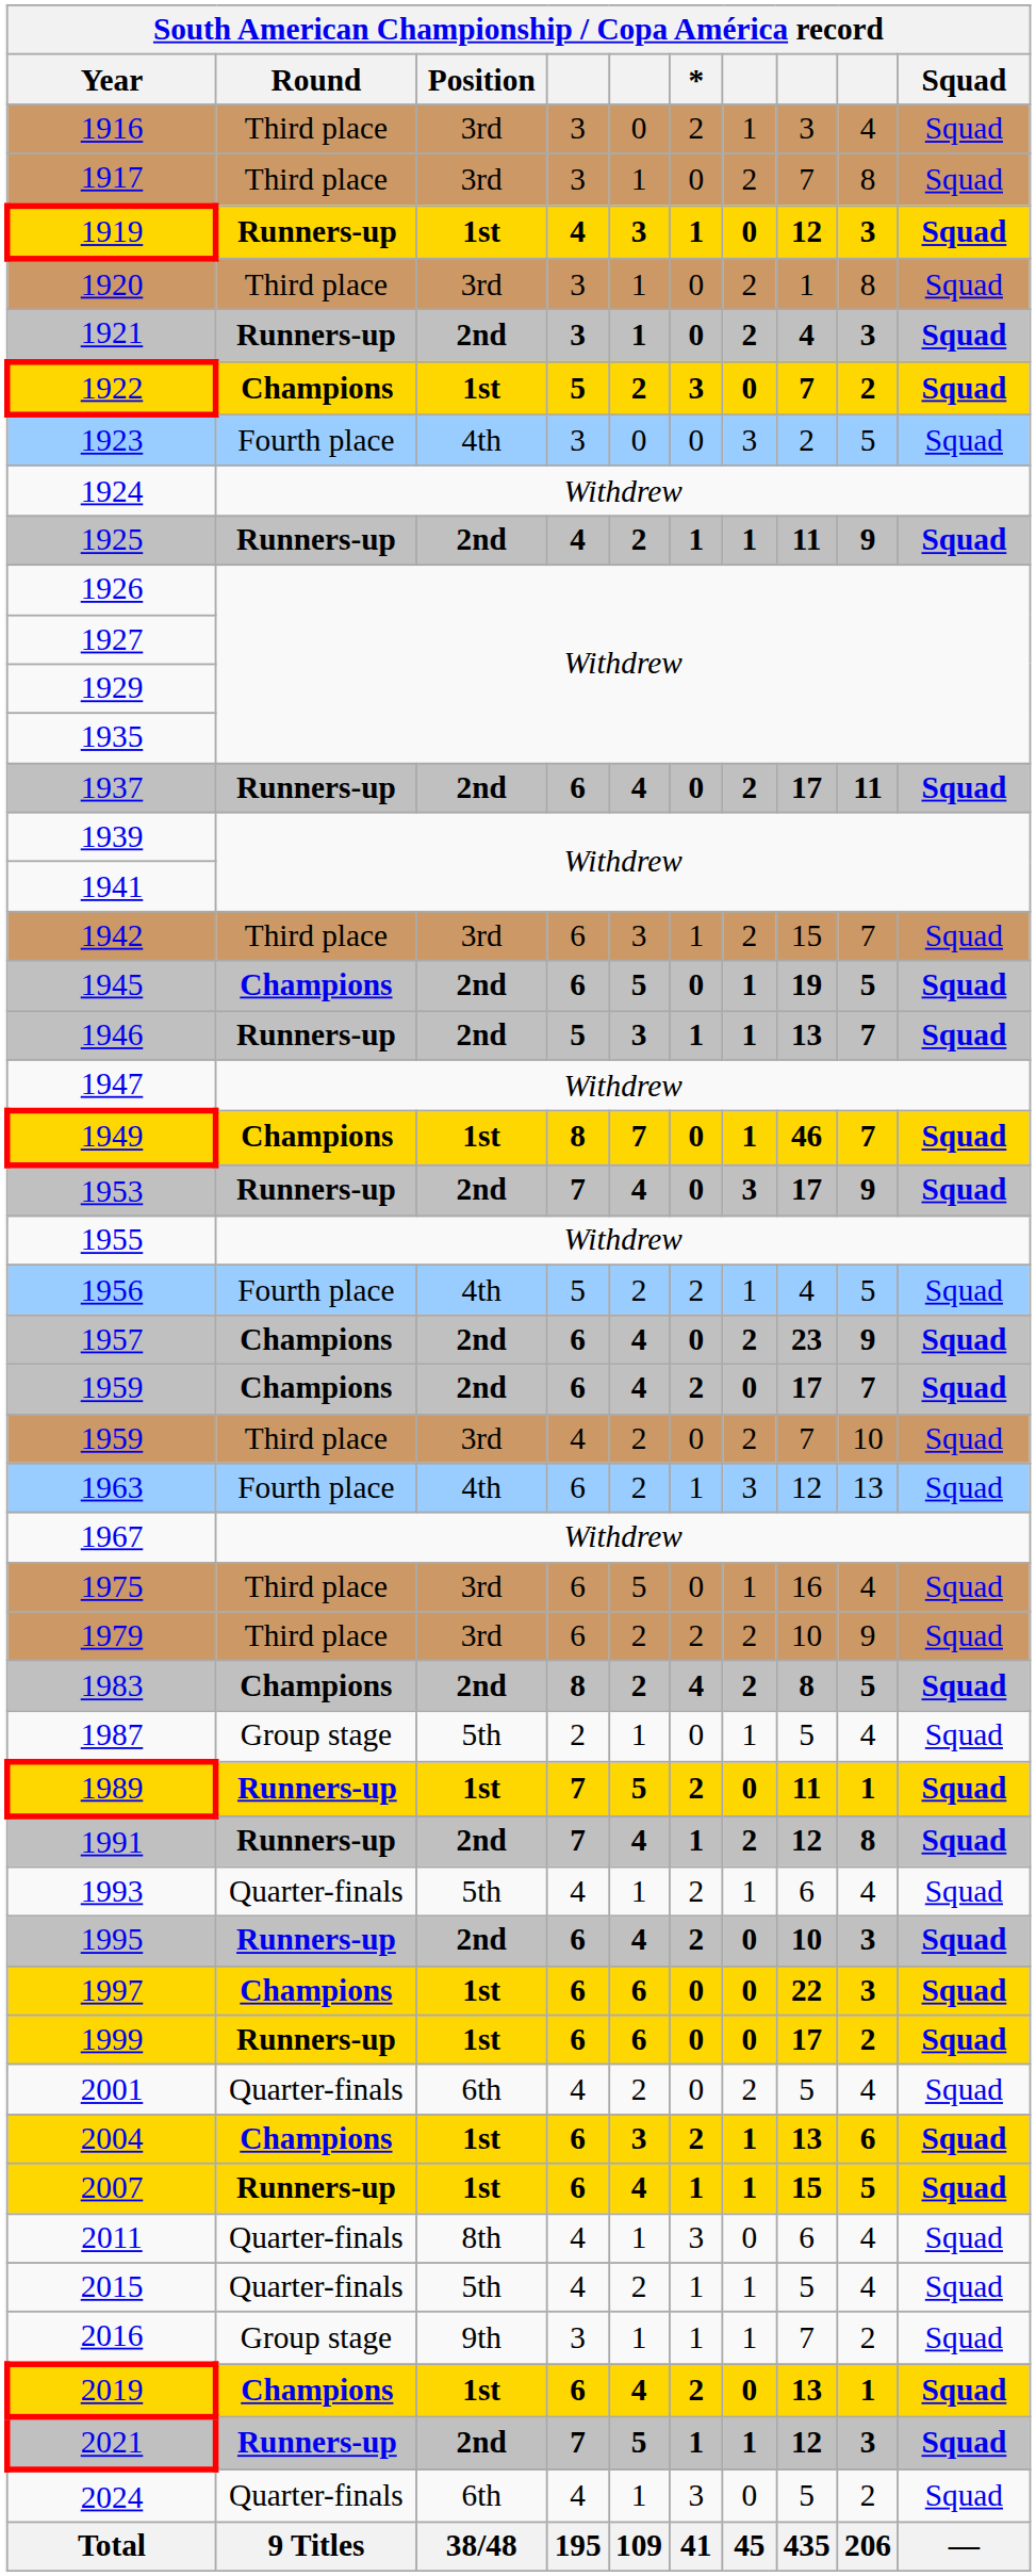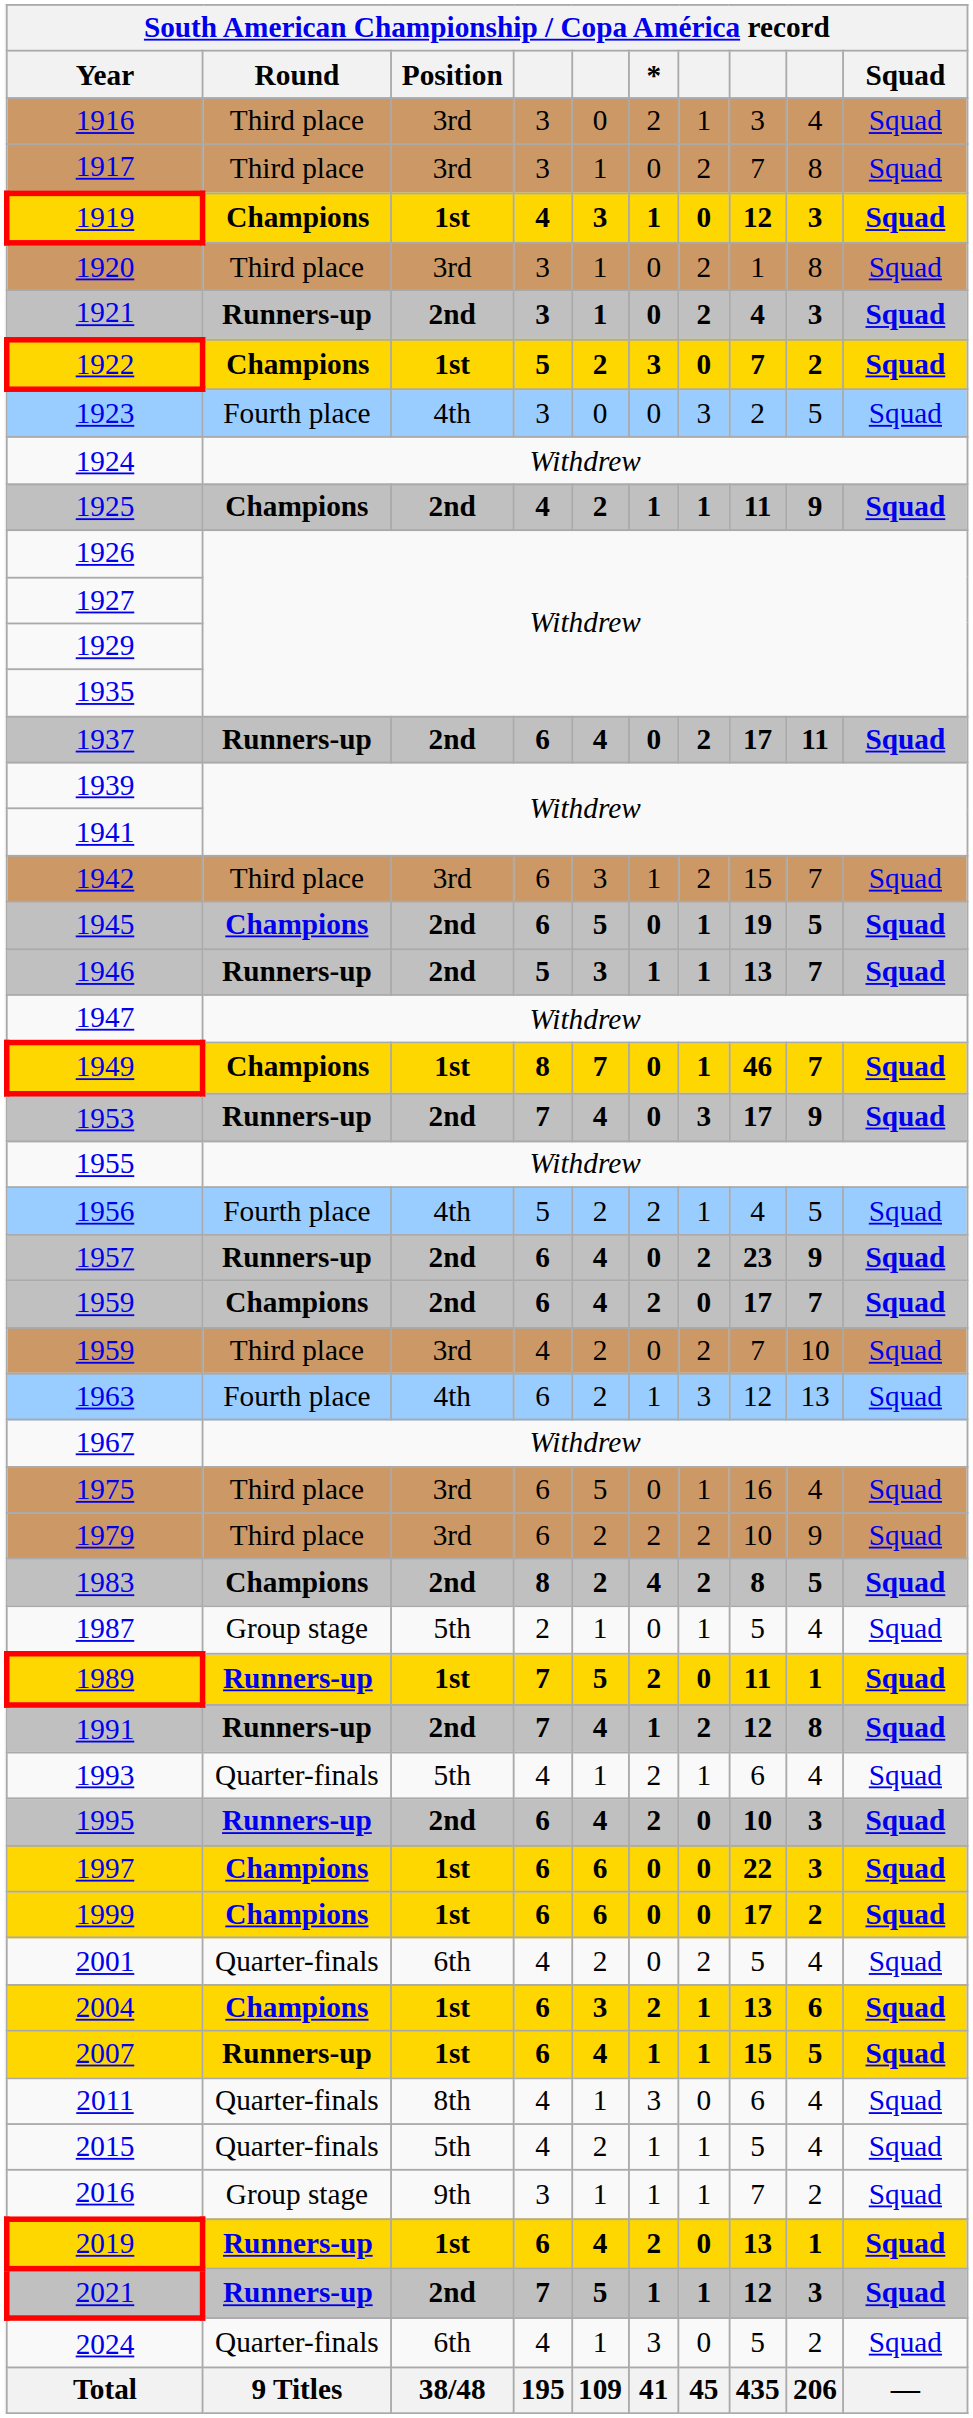 <table class="wikitable" style="text-align:center">
 <tr>
 <th colspan=10><a href='#'>South American Championship / Copa América</a> record</th>
 </tr>
 <tr>
 <th width=100>Year</th>
 <th width=95>Round</th>
 <th width=60>Position</th>
 <th width=20></th>
 <th width=20></th>
 <th width=20>*</th>
 <th width=20></th>
 <th width=20></th>
 <th width=20></th>
 <th width=60>Squad</th>
 </tr>
 <tr style="background:#c96">
 <td> <a href='#'>1916</a></td>
 <td>Third place</td>
 <td>3rd</td>
 <td>3</td>
 <td>0</td>
 <td>2</td>
 <td>1</td>
 <td>3</td>
 <td>4</td>
 <td><a href='#'>Squad</a></td>
 </tr>
 <tr style="background:#c96">
 <td> <a href='#'>1917</a></td>
 <td>Third place</td>
 <td>3rd</td>
 <td>3</td>
 <td>1</td>
 <td>0</td>
 <td>2</td>
 <td>7</td>
 <td>8</td>
 <td><a href='#'>Squad</a></td>
 </tr>
 <tr style="background:gold">
 <td style="border:3px solid red"> <a href='#'>1919</a></td>
-<td><strong>Runners-up</strong></td>
+<td><strong>Champions</strong></td>
 <td><strong>1st</strong></td>
 <td><strong>4</strong></td>
 <td><strong>3</strong></td>
 <td><strong>1</strong></td>
 <td><strong>0</strong></td>
 <td><strong>12</strong></td>
 <td><strong>3</strong></td>
 <td><strong><a href='#'>Squad</a></strong></td>
 </tr>
 <tr style="background:#c96">
 <td> <a href='#'>1920</a></td>
 <td>Third place</td>
 <td>3rd</td>
 <td>3</td>
 <td>1</td>
 <td>0</td>
 <td>2</td>
 <td>1</td>
 <td>8</td>
 <td><a href='#'>Squad</a></td>
 </tr>
 <tr style="background:silver">
 <td> <a href='#'>1921</a></td>
 <td><strong>Runners-up</strong></td>
 <td><strong>2nd</strong></td>
 <td><strong>3</strong></td>
 <td><strong>1</strong></td>
 <td><strong>0</strong></td>
 <td><strong>2</strong></td>
 <td><strong>4</strong></td>
 <td><strong>3</strong></td>
 <td><strong><a href='#'>Squad</a></strong></td>
 </tr>
 <tr style="background:gold">
 <td style="border:3px solid red"> <a href='#'>1922</a></td>
 <td><strong>Champions</strong></td>
 <td><strong>1st</strong></td>
 <td><strong>5</strong></td>
 <td><strong>2</strong></td>
 <td><strong>3</strong></td>
 <td><strong>0</strong></td>
 <td><strong>7</strong></td>
 <td><strong>2</strong></td>
 <td><strong><a href='#'>Squad</a></strong></td>
 </tr>
 <tr style="background:#9acdff">
 <td> <a href='#'>1923</a></td>
 <td>Fourth place</td>
 <td>4th</td>
 <td>3</td>
 <td>0</td>
 <td>0</td>
 <td>3</td>
 <td>2</td>
 <td>5</td>
 <td><a href='#'>Squad</a></td>
 </tr>
 <tr>
 <td> <a href='#'>1924</a></td>
 <td colspan=9><em>Withdrew</em></td>
 </tr>
 <tr style="background:silver">
 <td> <a href='#'>1925</a></td>
-<td><strong>Runners-up</strong></td>
+<td><strong>Champions</strong></td>
 <td><strong>2nd</strong></td>
 <td><strong>4</strong></td>
 <td><strong>2</strong></td>
 <td><strong>1</strong></td>
 <td><strong>1</strong></td>
 <td><strong>11</strong></td>
 <td><strong>9</strong></td>
 <td><strong><a href='#'>Squad</a></strong></td>
 </tr>
 <tr>
 <td> <a href='#'>1926</a></td>
 <td colspan=9 rowspan=4><em>Withdrew</em></td>
 </tr>
 <tr>
 <td> <a href='#'>1927</a></td>
 </tr>
 <tr>
 <td> <a href='#'>1929</a></td>
 </tr>
 <tr>
 <td> <a href='#'>1935</a></td>
 </tr>
 <tr style="background:silver">
 <td> <a href='#'>1937</a></td>
 <td><strong>Runners-up</strong></td>
 <td><strong>2nd</strong></td>
 <td><strong>6</strong></td>
 <td><strong>4</strong></td>
 <td><strong>0</strong></td>
 <td><strong>2</strong></td>
 <td><strong>17</strong></td>
 <td><strong>11</strong></td>
 <td><strong><a href='#'>Squad</a></strong></td>
 </tr>
 <tr>
 <td> <a href='#'>1939</a></td>
 <td colspan=9 rowspan=2><em>Withdrew</em></td>
 </tr>
 <tr>
 <td> <a href='#'>1941</a></td>
 </tr>
 <tr style="background:#c96">
 <td> <a href='#'>1942</a></td>
 <td>Third place</td>
 <td>3rd</td>
 <td>6</td>
 <td>3</td>
 <td>1</td>
 <td>2</td>
 <td>15</td>
 <td>7</td>
 <td><a href='#'>Squad</a></td>
 </tr>
 <tr style="background:silver">
 <td> <a href='#'>1945</a></td>
 <td><strong><a href='#'>Champions</a></strong></td>
 <td><strong>2nd</strong></td>
 <td><strong>6</strong></td>
 <td><strong>5</strong></td>
 <td><strong>0</strong></td>
 <td><strong>1</strong></td>
 <td><strong>19</strong></td>
 <td><strong>5</strong></td>
 <td><strong><a href='#'>Squad</a></strong></td>
 </tr>
 <tr style="background:silver">
 <td> <a href='#'>1946</a></td>
 <td><strong>Runners-up</strong></td>
 <td><strong>2nd</strong></td>
 <td><strong>5</strong></td>
 <td><strong>3</strong></td>
 <td><strong>1</strong></td>
 <td><strong>1</strong></td>
 <td><strong>13</strong></td>
 <td><strong>7</strong></td>
 <td><strong><a href='#'>Squad</a></strong></td>
 </tr>
 <tr>
 <td> <a href='#'>1947</a></td>
 <td colspan=9><em>Withdrew</em></td>
 </tr>
 <tr style="background:gold">
 <td style="border:3px solid red"> <a href='#'>1949</a></td>
 <td><strong>Champions</strong></td>
 <td><strong>1st</strong></td>
 <td><strong>8</strong></td>
 <td><strong>7</strong></td>
 <td><strong>0</strong></td>
 <td><strong>1</strong></td>
 <td><strong>46</strong></td>
 <td><strong>7</strong></td>
 <td><strong><a href='#'>Squad</a></strong></td>
 </tr>
 <tr style="background:silver">
 <td> <a href='#'>1953</a></td>
 <td><strong>Runners-up</strong></td>
 <td><strong>2nd</strong></td>
 <td><strong>7</strong></td>
 <td><strong>4</strong></td>
 <td><strong>0</strong></td>
 <td><strong>3</strong></td>
 <td><strong>17</strong></td>
 <td><strong>9</strong></td>
 <td><strong><a href='#'>Squad</a></strong></td>
 </tr>
 <tr>
 <td> <a href='#'>1955</a></td>
 <td colspan=9><em>Withdrew</em></td>
 </tr>
 <tr style="background:#9acdff">
 <td> <a href='#'>1956</a></td>
 <td>Fourth place</td>
 <td>4th</td>
 <td>5</td>
 <td>2</td>
 <td>2</td>
 <td>1</td>
 <td>4</td>
 <td>5</td>
 <td><a href='#'>Squad</a></td>
 </tr>
 <tr style="background:silver">
 <td> <a href='#'>1957</a></td>
-<td><strong>Champions</strong></td>
+<td><strong>Runners-up</strong></td>
 <td><strong>2nd</strong></td>
 <td><strong>6</strong></td>
 <td><strong>4</strong></td>
 <td><strong>0</strong></td>
 <td><strong>2</strong></td>
 <td><strong>23</strong></td>
 <td><strong>9</strong></td>
 <td><strong><a href='#'>Squad</a></strong></td>
 </tr>
 <tr style="background:silver">
 <td> <a href='#'>1959</a></td>
 <td><strong>Champions</strong></td>
 <td><strong>2nd</strong></td>
 <td><strong>6</strong></td>
 <td><strong>4</strong></td>
 <td><strong>2</strong></td>
 <td><strong>0</strong></td>
 <td><strong>17</strong></td>
 <td><strong>7</strong></td>
 <td><strong><a href='#'>Squad</a></strong></td>
 </tr>
 <tr style="background:#c96">
 <td> <a href='#'>1959</a></td>
 <td>Third place</td>
 <td>3rd</td>
 <td>4</td>
 <td>2</td>
 <td>0</td>
 <td>2</td>
 <td>7</td>
 <td>10</td>
 <td><a href='#'>Squad</a></td>
 </tr>
 <tr style="background:#9acdff">
 <td> <a href='#'>1963</a></td>
 <td>Fourth place</td>
 <td>4th</td>
 <td>6</td>
 <td>2</td>
 <td>1</td>
 <td>3</td>
 <td>12</td>
 <td>13</td>
 <td><a href='#'>Squad</a></td>
 </tr>
 <tr>
 <td> <a href='#'>1967</a></td>
 <td colspan=9><em>Withdrew</em></td>
 </tr>
 <tr style="background:#c96">
 <td><a href='#'>1975</a></td>
 <td>Third place</td>
 <td>3rd</td>
 <td>6</td>
 <td>5</td>
 <td>0</td>
 <td>1</td>
 <td>16</td>
 <td>4</td>
 <td><a href='#'>Squad</a></td>
 </tr>
 <tr style="background:#c96">
 <td><a href='#'>1979</a></td>
 <td>Third place</td>
 <td>3rd</td>
 <td>6</td>
 <td>2</td>
 <td>2</td>
 <td>2</td>
 <td>10</td>
 <td>9</td>
 <td><a href='#'>Squad</a></td>
 </tr>
 <tr style="background:silver">
 <td><a href='#'>1983</a></td>
 <td><strong>Champions</strong></td>
 <td><strong>2nd</strong></td>
 <td><strong>8</strong></td>
 <td><strong>2</strong></td>
 <td><strong>4</strong></td>
 <td><strong>2</strong></td>
 <td><strong>8</strong></td>
 <td><strong>5</strong></td>
 <td><strong><a href='#'>Squad</a></strong></td>
 </tr>
 <tr>
 <td> <a href='#'>1987</a></td>
 <td>Group stage</td>
 <td>5th</td>
 <td>2</td>
 <td>1</td>
 <td>0</td>
 <td>1</td>
 <td>5</td>
 <td>4</td>
 <td><a href='#'>Squad</a></td>
 </tr>
 <tr style="background:gold">
 <td style="border:3px solid red"> <a href='#'>1989</a></td>
 <td><strong><a href='#'>Runners-up</a></strong></td>
 <td><strong>1st</strong></td>
 <td><strong>7</strong></td>
 <td><strong>5</strong></td>
 <td><strong>2</strong></td>
 <td><strong>0</strong></td>
 <td><strong>11</strong></td>
 <td><strong>1</strong></td>
 <td><strong><a href='#'>Squad</a></strong></td>
 </tr>
 <tr style="background:silver">
 <td> <a href='#'>1991</a></td>
 <td><strong>Runners-up</strong></td>
 <td><strong>2nd</strong></td>
 <td><strong>7</strong></td>
 <td><strong> 4</strong></td>
 <td><strong>1</strong></td>
 <td><strong>2</strong></td>
 <td><strong>12</strong></td>
 <td><strong>8</strong></td>
 <td><strong><a href='#'>Squad</a></strong></td>
 </tr>
 <tr>
 <td> <a href='#'>1993</a></td>
 <td>Quarter-finals</td>
 <td>5th</td>
 <td>4</td>
 <td>1</td>
 <td>2</td>
 <td>1</td>
 <td>6</td>
 <td>4</td>
 <td><a href='#'>Squad</a></td>
 </tr>
 <tr style="background:silver">
 <td> <a href='#'>1995</a></td>
 <td><strong><a href='#'>Runners-up</a></strong></td>
 <td><strong>2nd</strong></td>
 <td><strong>6</strong></td>
 <td><strong>4</strong></td>
 <td><strong>2</strong></td>
 <td><strong>0</strong></td>
 <td><strong>10</strong></td>
 <td><strong>3</strong></td>
 <td><strong><a href='#'>Squad</a></strong></td>
 </tr>
 <tr style="background:gold">
 <td> <a href='#'>1997</a></td>
 <td><strong><a href='#'>Champions</a></strong></td>
 <td><strong>1st</strong></td>
 <td><strong>6</strong></td>
 <td><strong>6</strong></td>
 <td><strong>0</strong></td>
 <td><strong>0</strong></td>
 <td><strong>22</strong></td>
 <td><strong>3</strong></td>
 <td><strong><a href='#'>Squad</a></strong></td>
 </tr>
 <tr style="background:gold">
 <td> <a href='#'>1999</a></td>
-<td><strong>Runners-up</strong></td>
+<td><strong><a href='#'>Champions</a></strong></td>
 <td><strong>1st</strong></td>
 <td><strong>6</strong></td>
 <td><strong>6</strong></td>
 <td><strong>0</strong></td>
 <td><strong>0</strong></td>
 <td><strong>17</strong></td>
 <td><strong>2</strong></td>
 <td><strong><a href='#'>Squad</a></strong></td>
 </tr>
 <tr>
 <td> <a href='#'>2001</a></td>
 <td>Quarter-finals</td>
 <td>6th</td>
 <td>4</td>
 <td>2</td>
 <td>0</td>
 <td>2</td>
 <td>5</td>
 <td>4</td>
 <td><a href='#'>Squad</a></td>
 </tr>
 <tr style="background:gold">
 <td> <a href='#'>2004</a></td>
 <td><strong><a href='#'>Champions</a></strong></td>
 <td><strong>1st</strong></td>
 <td><strong>6</strong></td>
 <td><strong>3</strong></td>
 <td><strong>2</strong></td>
 <td><strong>1</strong></td>
 <td><strong>13</strong></td>
 <td><strong>6</strong></td>
 <td><strong><a href='#'>Squad</a></strong></td>
 </tr>
 <tr style="background:gold">
 <td> <a href='#'>2007</a></td>
 <td><strong>Runners-up</strong></td>
 <td><strong>1st</strong></td>
 <td><strong>6</strong></td>
 <td><strong>4</strong></td>
 <td><strong>1</strong></td>
 <td><strong>1</strong></td>
 <td><strong>15</strong></td>
 <td><strong>5</strong></td>
 <td><strong><a href='#'>Squad</a></strong></td>
 </tr>
 <tr>
 <td> <a href='#'>2011</a></td>
 <td>Quarter-finals</td>
 <td>8th</td>
 <td>4</td>
 <td>1</td>
 <td>3</td>
 <td>0</td>
 <td>6</td>
 <td>4</td>
 <td><a href='#'>Squad</a></td>
 </tr>
 <tr>
 <td> <a href='#'>2015</a></td>
 <td>Quarter-finals</td>
 <td>5th</td>
 <td>4</td>
 <td>2</td>
 <td>1</td>
 <td>1</td>
 <td>5</td>
 <td>4</td>
 <td><a href='#'>Squad</a></td>
 </tr>
 <tr>
 <td> <a href='#'>2016</a></td>
 <td>Group stage</td>
 <td>9th</td>
 <td>3</td>
 <td>1</td>
 <td>1</td>
 <td>1</td>
 <td>7</td>
 <td>2</td>
 <td><a href='#'>Squad</a></td>
 </tr>
 <tr style="background:gold">
 <td style="border:3px solid red"> <a href='#'>2019</a></td>
-<td><strong><a href='#'>Champions</a></strong></td>
+<td><strong><a href='#'>Runners-up</a></strong></td>
 <td><strong>1st</strong></td>
 <td><strong>6</strong></td>
 <td><strong>4</strong></td>
 <td><strong>2</strong></td>
 <td><strong>0</strong></td>
 <td><strong>13</strong></td>
 <td><strong>1</strong></td>
 <td><strong><a href='#'>Squad</a></strong></td>
 </tr>
 <tr style="background:silver">
 <td style="border:3px solid red"> <a href='#'>2021</a></td>
 <td><strong><a href='#'>Runners-up</a></strong></td>
 <td><strong>2nd</strong></td>
 <td><strong>7</strong></td>
 <td><strong>5</strong></td>
 <td><strong>1</strong></td>
 <td><strong>1</strong></td>
 <td><strong>12</strong></td>
 <td><strong>3</strong></td>
 <td><strong><a href='#'>Squad</a></strong></td>
 </tr>
 <tr>
 <td> <a href='#'>2024</a></td>
 <td>Quarter-finals</td>
 <td>6th</td>
 <td>4</td>
 <td>1</td>
 <td>3</td>
 <td>0</td>
 <td>5</td>
 <td>2</td>
 <td><a href='#'>Squad</a></td>
 </tr>
 <tr>
 <th>Total</th>
 <th>9 Titles</th>
 <th>38/48</th>
 <th>195</th>
 <th>109</th>
 <th>41</th>
 <th>45</th>
 <th>435</th>
 <th>206</th>
 <th>—</th>
 </tr>
 </table>
